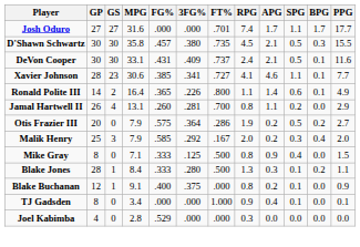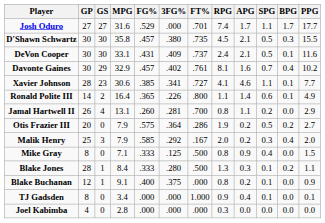 <table class="wikitable sortable" style="font-size: 90%">
 <tr>
 <th>Player</th>
 <th>GP</th>
 <th>GS</th>
 <th>MPG</th>
 <th>FG%</th>
 <th>3FG%</th>
 <th>FT%</th>
 <th>RPG</th>
 <th>APG</th>
 <th>SPG</th>
 <th>BPG</th>
 <th>PPG</th>
 </tr>
 <tr align="center" bgcolor="">
 <td><strong><a href='#'>Josh Oduro</a></strong></td>
 <td>27</td>
 <td>27</td>
 <td>31.6</td>
-<td>.000</td>
+<td>.529</td>
 <td>.000</td>
 <td>.701</td>
 <td>7.4</td>
 <td>1.7</td>
 <td>1.1</td>
 <td>1.7</td>
 <td>17.7</td>
 </tr>
 <tr align="center" bgcolor="">
 <td><strong>D'Shawn Schwartz</strong></td>
 <td>30</td>
 <td>30</td>
 <td>35.8</td>
 <td>.457</td>
 <td>.380</td>
 <td>.735</td>
 <td>4.5</td>
 <td>2.1</td>
 <td>0.5</td>
 <td>0.3</td>
 <td>15.5</td>
 </tr>
 <tr align="center" bgcolor="">
 <td><strong>DeVon Cooper</strong></td>
 <td>30</td>
 <td>30</td>
 <td>33.1</td>
 <td>.431</td>
 <td>.409</td>
 <td>.737</td>
 <td>2.4</td>
 <td>2.1</td>
 <td>0.5</td>
 <td>0.1</td>
 <td>11.6</td>
+</tr>
+<tr align="center" bgcolor="">
+<td><strong>Davonte Gaines</strong></td>
+<td>30</td>
+<td>29</td>
+<td>32.9</td>
+<td>.457</td>
+<td>.402</td>
+<td>.761</td>
+<td>8.1</td>
+<td>1.6</td>
+<td>0.7</td>
+<td>0.4</td>
+<td>10.2</td>
 </tr>
 <tr align="center" bgcolor="">
 <td><strong>Xavier Johnson</strong></td>
 <td>28</td>
 <td>23</td>
 <td>30.6</td>
 <td>.385</td>
 <td>.341</td>
 <td>.727</td>
 <td>4.1</td>
 <td>4.6</td>
 <td>1.1</td>
 <td>0.1</td>
 <td>7.7</td>
 </tr>
 <tr align="center" bgcolor="">
 <td><strong>Ronald Polite III</strong></td>
 <td>14</td>
 <td>2</td>
 <td>16.4</td>
 <td>.365</td>
 <td>.226</td>
 <td>.800</td>
 <td>1.1</td>
 <td>1.4</td>
 <td>0.6</td>
 <td>0.1</td>
 <td>4.9</td>
 </tr>
 <tr align="center" bgcolor="">
 <td><strong>Jamal Hartwell II</strong></td>
 <td>26</td>
 <td>4</td>
 <td>13.1</td>
 <td>.260</td>
 <td>.281</td>
 <td>.700</td>
 <td>0.8</td>
 <td>1.1</td>
 <td>0.2</td>
 <td>0.0</td>
 <td>2.9</td>
 </tr>
 <tr align="center" bgcolor="">
 <td><strong>Otis Frazier III</strong></td>
 <td>20</td>
 <td>0</td>
 <td>7.9</td>
 <td>.575</td>
 <td>.364</td>
 <td>.286</td>
 <td>1.9</td>
 <td>0.2</td>
 <td>0.5</td>
 <td>0.2</td>
 <td>2.7</td>
 </tr>
 <tr align="center" bgcolor="">
 <td><strong>Malik Henry</strong></td>
 <td>25</td>
 <td>3</td>
 <td>7.9</td>
 <td>.585</td>
 <td>.292</td>
 <td>.167</td>
 <td>2.0</td>
 <td>0.2</td>
 <td>0.3</td>
 <td>0.4</td>
 <td>2.0</td>
 </tr>
 <tr align="center" bgcolor="">
 <td><strong>Mike Gray</strong></td>
 <td>8</td>
 <td>0</td>
 <td>7.1</td>
 <td>.333</td>
 <td>.125</td>
 <td>.500</td>
 <td>0.8</td>
 <td>0.9</td>
 <td>0.4</td>
 <td>0.0</td>
 <td>1.5</td>
 </tr>
 <tr align="center" bgcolor="">
 <td><strong>Blake Jones</strong></td>
 <td>28</td>
 <td>1</td>
 <td>8.4</td>
 <td>.333</td>
 <td>.280</td>
 <td>.500</td>
 <td>1.3</td>
 <td>0.3</td>
 <td>0.1</td>
 <td>0.2</td>
 <td>1.1</td>
 </tr>
 <tr align="center" bgcolor="">
 <td><strong>Blake Buchanan</strong></td>
 <td>12</td>
 <td>1</td>
 <td>9.1</td>
 <td>.400</td>
 <td>.375</td>
 <td>.000</td>
 <td>0.8</td>
 <td>0.2</td>
 <td>0.1</td>
 <td>0.0</td>
 <td>0.9</td>
 </tr>
 <tr align="center" bgcolor="">
 <td><strong>TJ Gadsden</strong></td>
 <td>8</td>
 <td>0</td>
 <td>3.4</td>
 <td>.000</td>
 <td>.000</td>
 <td>1.000</td>
 <td>0.9</td>
 <td>0.4</td>
 <td>0.1</td>
 <td>0.0</td>
 <td>0.1</td>
 </tr>
 <tr align="center" bgcolor="">
 <td><strong>Joel Kabimba</strong></td>
 <td>4</td>
 <td>0</td>
 <td>2.8</td>
-<td>.529</td>
+<td>.000</td>
 <td>.000</td>
 <td>.000</td>
 <td>0.3</td>
 <td>0.0</td>
 <td>0.0</td>
 <td>0.0</td>
 <td>0.0</td>
 </tr>
 </table>
